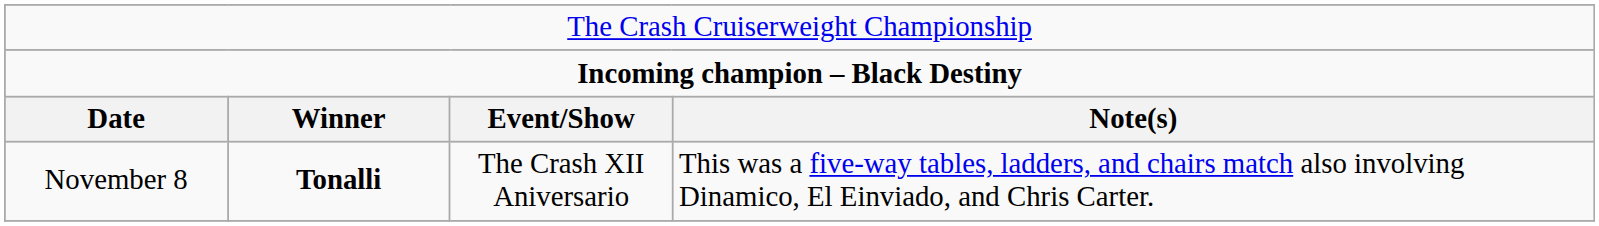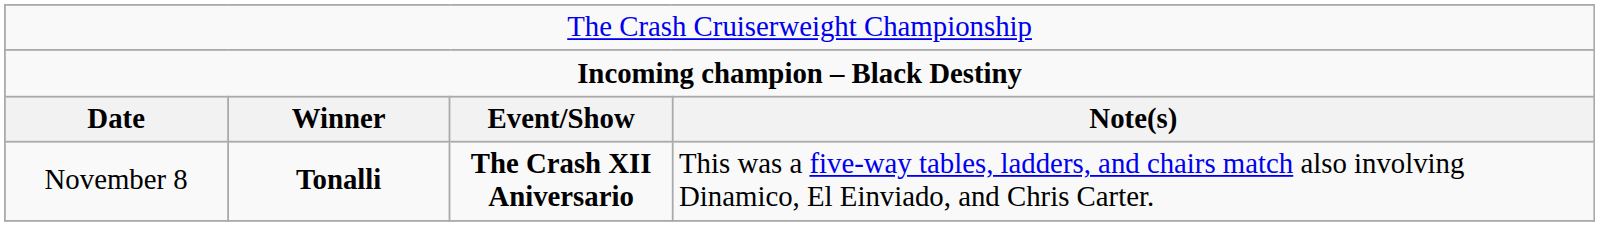 <table class="wikitable" style="text-align:center; width:100%;">
 <tr>
 <td colspan="4" style="text-align: center;"><a href='#'>The Crash Cruiserweight Championship</a></td>
 </tr>
 <tr>
 <td colspan="4" style="text-align: center;"><strong>Incoming champion – Black Destiny</strong></td>
 </tr>
 <tr>
 <th width=14%>Date</th>
 <th width=14%>Winner</th>
 <th width=14%>Event/Show</th>
 <th width=58%>Note(s)</th>
 </tr>
 <tr>
 <td>November 8</td>
 <td><strong>Tonalli</strong></td>
-<td>The Crash XII Aniversario</td>
+<td><strong>The Crash XII Aniversario</strong></td>
 <td align=left>This was a <a href='#'>five-way tables, ladders, and chairs match</a> also involving Dinamico, El Einviado, and Chris Carter.</td>
 </tr>
 </table>
